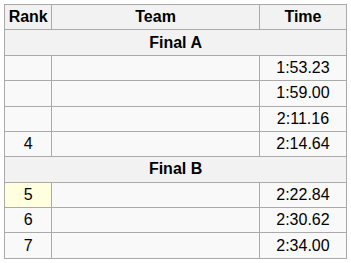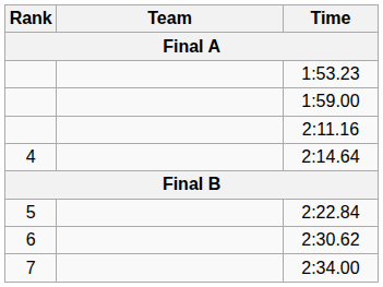 <table class=wikitable style="text-align:center">
 <tr>
 <th width=40>Rank</th>
 <th width=200>Team</th>
 <th width=80>Time</th>
 </tr>
 <tr>
 <th colspan=3>Final A</th>
 </tr>
 <tr>
 <td></td>
 <td align=left></td>
 <td>1:53.23</td>
 </tr>
 <tr>
 <td></td>
 <td align=left></td>
 <td>1:59.00</td>
 </tr>
 <tr>
 <td></td>
 <td align=left></td>
 <td>2:11.16</td>
 </tr>
 <tr>
 <td>4</td>
 <td align=left></td>
 <td>2:14.64</td>
 </tr>
 <tr>
 <th colspan=3>Final B</th>
 </tr>
 <tr>
-<td style="background: lightyellow;">5</td>
+<td>5</td>
 <td align=left></td>
 <td>2:22.84</td>
 </tr>
 <tr>
 <td>6</td>
 <td align=left></td>
 <td>2:30.62</td>
 </tr>
 <tr>
 <td>7</td>
 <td align=left></td>
 <td>2:34.00</td>
 </tr>
 </table>
